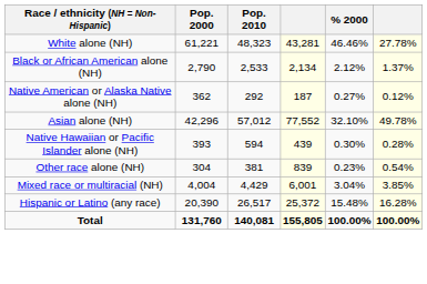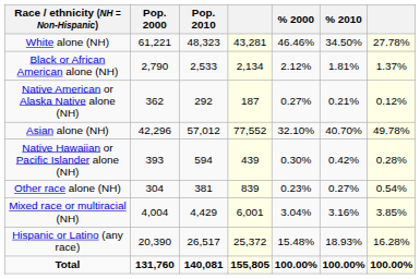 <table class="wikitable" style="text-align:center;">
 <tr>
 <th>Race / ethnicity <small>(<em>NH = Non-Hispanic</em>)</small></th>
 <th>Pop. 2000</th>
 <th>Pop. 2010</th>
 <th></th>
 <th>% 2000</th>
+<th>% 2010</th>
 <th></th>
 </tr>
 <tr>
 <td><a href='#'>White</a> alone (NH)</td>
 <td>61,221</td>
 <td>48,323</td>
 <td style='background: #ffffe6;'>43,281</td>
 <td>46.46%</td>
+<td>34.50%</td>
 <td style='background: #ffffe6;'>27.78%</td>
 </tr>
 <tr>
 <td><a href='#'>Black or African American</a> alone (NH)</td>
 <td>2,790</td>
 <td>2,533</td>
 <td style='background: #ffffe6;'>2,134</td>
 <td>2.12%</td>
+<td>1.81%</td>
 <td style='background: #ffffe6;'>1.37%</td>
 </tr>
 <tr>
 <td><a href='#'>Native American</a> or <a href='#'>Alaska Native</a> alone (NH)</td>
 <td>362</td>
 <td>292</td>
 <td style='background: #ffffe6;'>187</td>
 <td>0.27%</td>
+<td>0.21%</td>
 <td style='background: #ffffe6;'>0.12%</td>
 </tr>
 <tr>
 <td><a href='#'>Asian</a> alone (NH)</td>
 <td>42,296</td>
 <td>57,012</td>
 <td style='background: #ffffe6;'>77,552</td>
 <td>32.10%</td>
+<td>40.70%</td>
 <td style='background: #ffffe6;'>49.78%</td>
 </tr>
 <tr>
 <td><a href='#'>Native Hawaiian</a> or <a href='#'>Pacific Islander</a> alone (NH)</td>
 <td>393</td>
 <td>594</td>
 <td style='background: #ffffe6;'>439</td>
 <td>0.30%</td>
+<td>0.42%</td>
 <td style='background: #ffffe6;'>0.28%</td>
 </tr>
 <tr>
 <td><a href='#'>Other race</a> alone (NH)</td>
 <td>304</td>
 <td>381</td>
 <td style='background: #ffffe6;'>839</td>
 <td>0.23%</td>
+<td>0.27%</td>
 <td style='background: #ffffe6;'>0.54%</td>
 </tr>
 <tr>
 <td><a href='#'>Mixed race or multiracial</a> (NH)</td>
 <td>4,004</td>
 <td>4,429</td>
 <td style='background: #ffffe6;'>6,001</td>
 <td>3.04%</td>
+<td>3.16%</td>
 <td style='background: #ffffe6;'>3.85%</td>
 </tr>
 <tr>
 <td><a href='#'>Hispanic or Latino</a> (any race)</td>
 <td>20,390</td>
 <td>26,517</td>
 <td style='background: #ffffe6;'>25,372</td>
 <td>15.48%</td>
+<td>18.93%</td>
 <td style='background: #ffffe6;'>16.28%</td>
 </tr>
 <tr>
 <td><strong>Total</strong></td>
 <td><strong>131,760</strong></td>
 <td><strong>140,081</strong></td>
 <td style='background: #ffffe6;'><strong>155,805</strong></td>
 <td><strong>100.00%</strong></td>
+<td><strong>100.00%</strong></td>
 <td style='background: #ffffe6;'><strong>100.00%</strong></td>
 </tr>
 </table>
